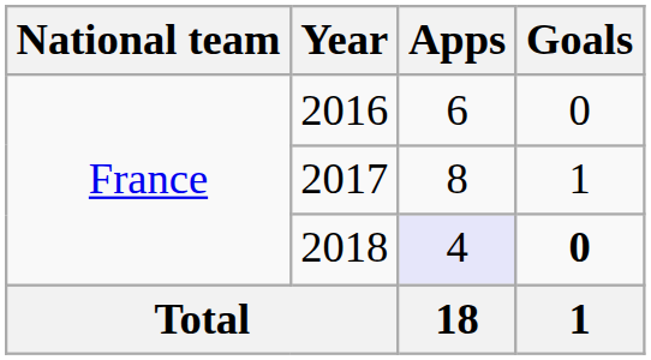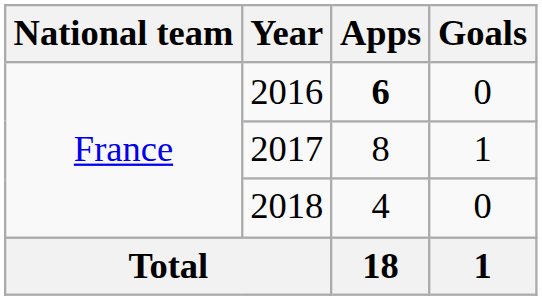 <table class="wikitable" style="text-align:center">
 <tr>
 <th>National team</th>
 <th>Year</th>
 <th>Apps</th>
 <th>Goals</th>
 </tr>
 <tr>
 <td rowspan="3"><a href='#'>France</a></td>
 <td>2016</td>
-<td>6</td>
+<td><strong>6</strong></td>
 <td>0</td>
 </tr>
 <tr>
 <td>2017</td>
 <td>8</td>
 <td>1</td>
 </tr>
 <tr>
 <td>2018</td>
-<td style="background: lavender;">4</td>
-<td><strong>0</strong></td>
+<td>4</td>
+<td>0</td>
 </tr>
 <tr>
 <th colspan=2>Total</th>
 <th>18</th>
 <th>1</th>
 </tr>
 </table>
